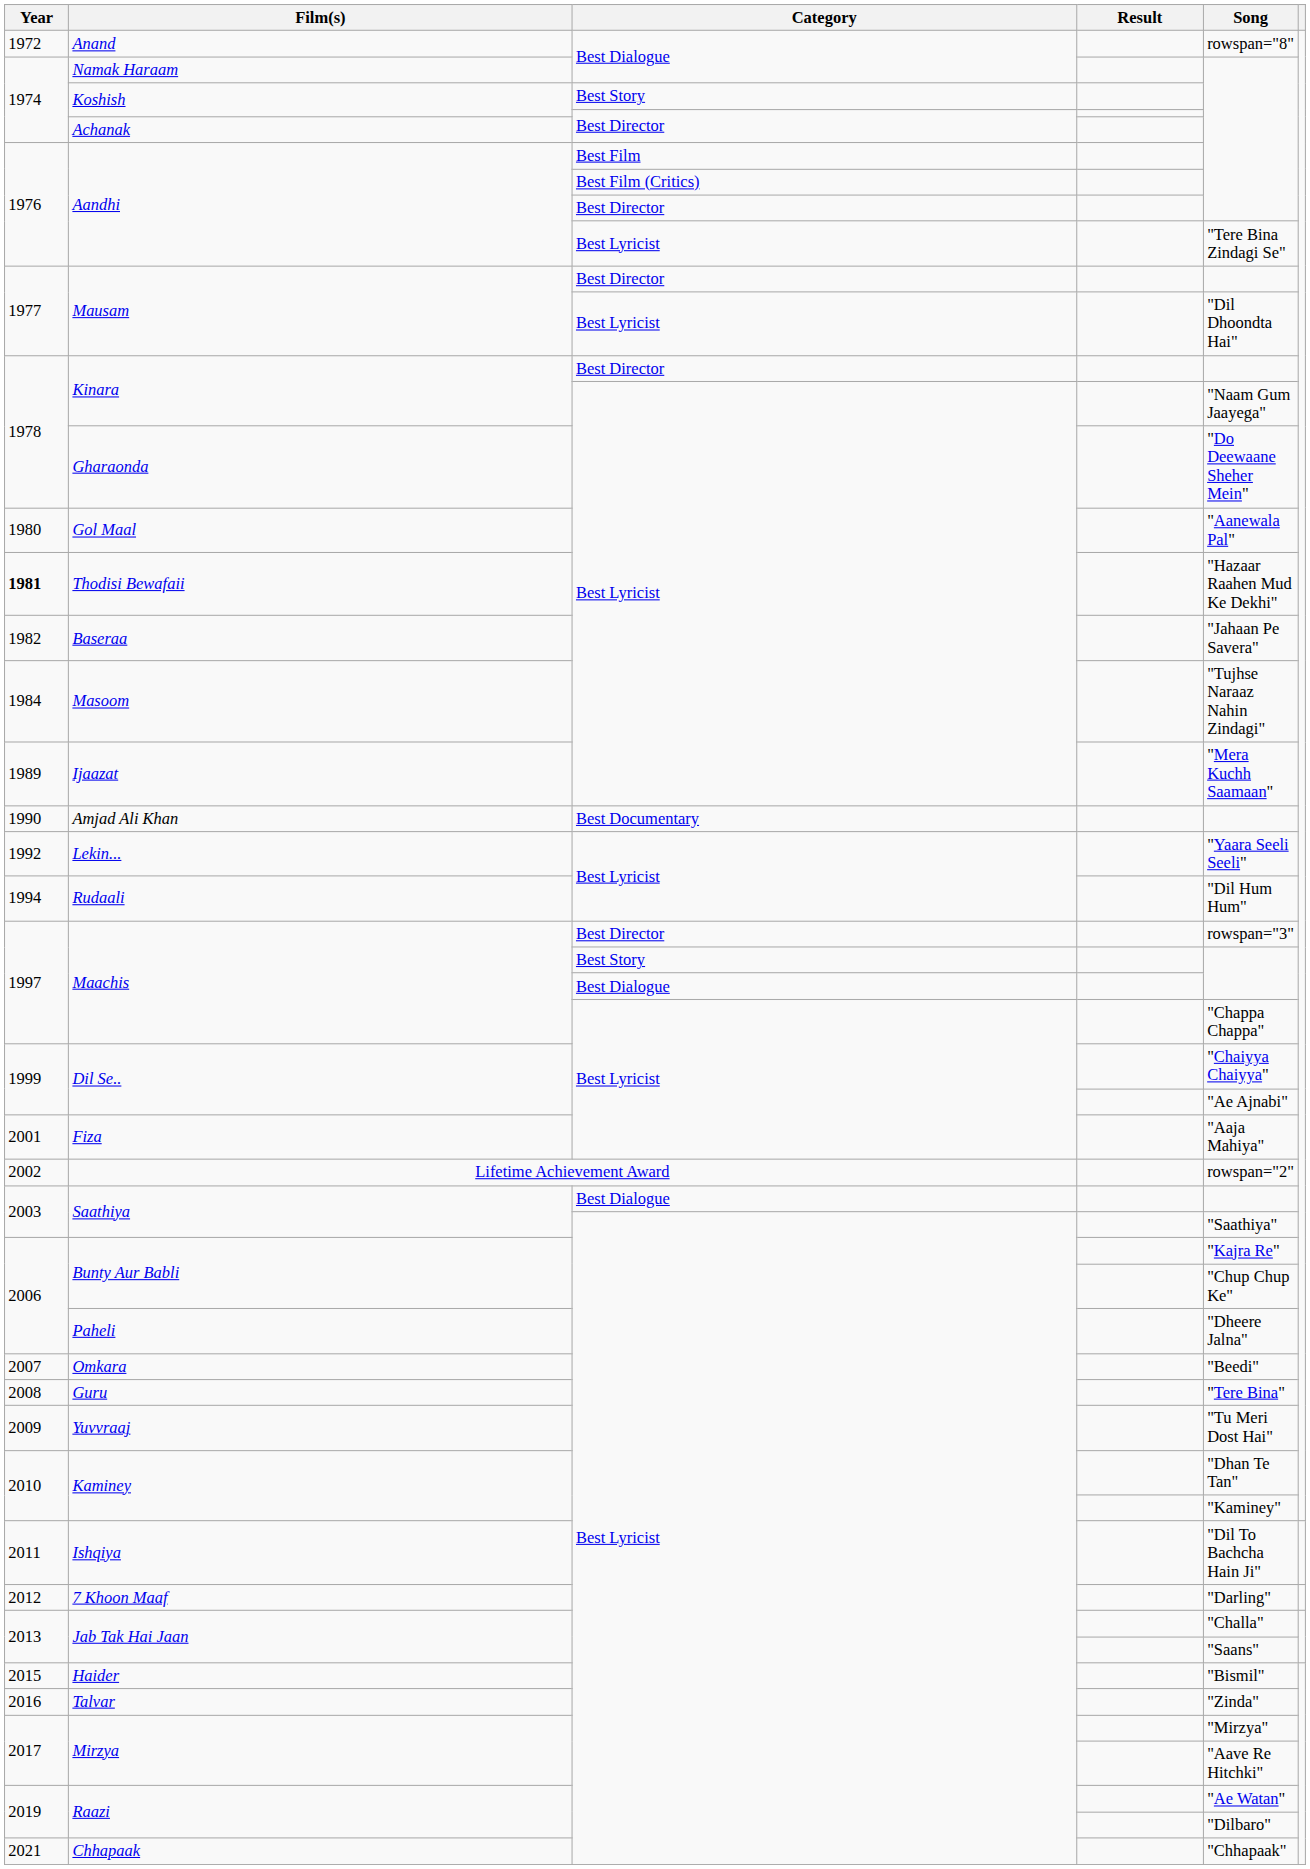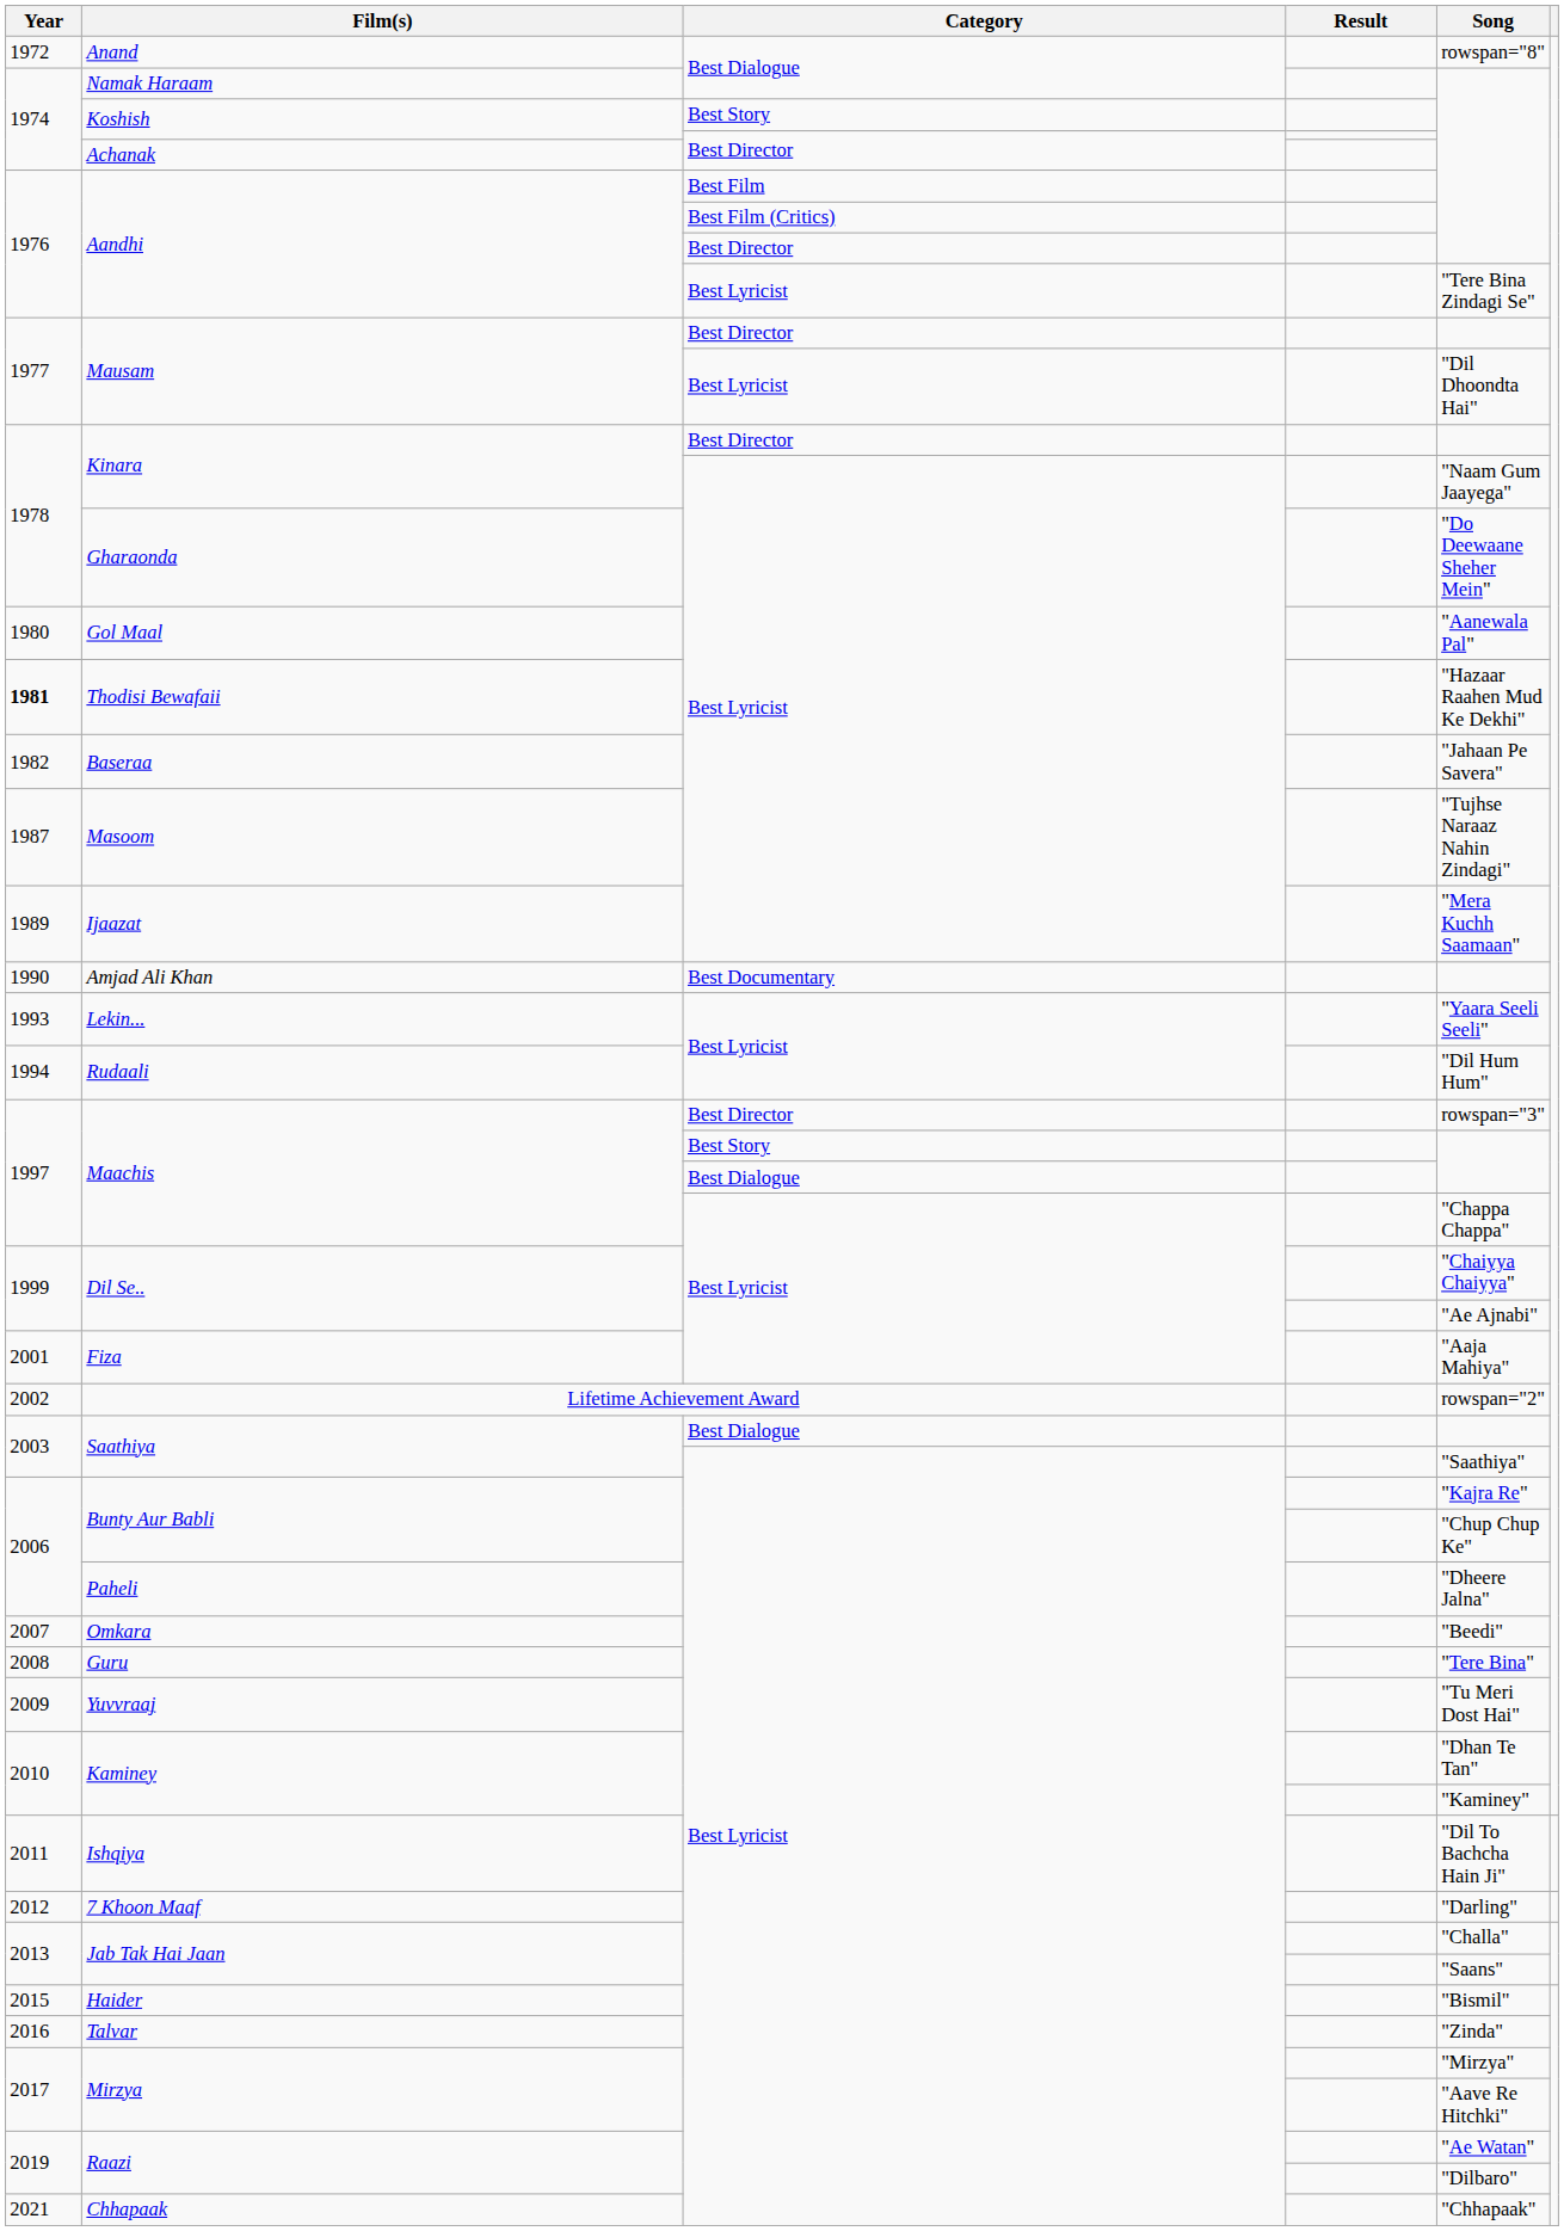 <table class="wikitable sortable" width=100%>
 <tr>
 <th width=5%>Year</th>
 <th width=40%>Film(s)</th>
 <th width=40%>Category</th>
 <th width=10%>Result</th>
 <th width=40%>Song</th>
 <th width=5%></th>
 </tr>
 <tr>
 <td>1972</td>
 <td><em><a href='#'>Anand</a></em></td>
 <td rowspan="2"><a href='#'>Best Dialogue</a></td>
 <td></td>
 <td>rowspan="8" </td>
 <td rowspan="40"></td>
 </tr>
 <tr>
 <td rowspan="4">1974</td>
 <td><em><a href='#'>Namak Haraam</a></em></td>
 <td></td>
 </tr>
 <tr>
 <td rowspan="2"><em><a href='#'>Koshish</a></em></td>
 <td><a href='#'>Best Story</a></td>
 <td></td>
 </tr>
 <tr>
 <td rowspan="2"><a href='#'>Best Director</a></td>
 <td></td>
 </tr>
 <tr>
 <td><em><a href='#'>Achanak</a></em></td>
 <td></td>
 </tr>
 <tr>
 <td rowspan="4">1976</td>
 <td rowspan="4"><em><a href='#'>Aandhi</a></em></td>
 <td><a href='#'>Best Film</a></td>
 <td></td>
 </tr>
 <tr>
 <td><a href='#'>Best Film (Critics)</a></td>
 <td></td>
 </tr>
 <tr>
 <td><a href='#'>Best Director</a></td>
 <td></td>
 </tr>
 <tr>
 <td><a href='#'>Best Lyricist</a></td>
 <td></td>
 <td>"Tere Bina Zindagi Se"</td>
 </tr>
 <tr>
 <td rowspan="2">1977</td>
 <td rowspan="2"><em><a href='#'>Mausam</a></em></td>
 <td><a href='#'>Best Director</a></td>
 <td></td>
 <td></td>
 </tr>
 <tr>
 <td><a href='#'>Best Lyricist</a></td>
 <td></td>
 <td>"Dil Dhoondta Hai"</td>
 </tr>
 <tr>
 <td rowspan="3">1978</td>
 <td rowspan="2"><em><a href='#'>Kinara</a></em></td>
 <td><a href='#'>Best Director</a></td>
 <td></td>
 <td></td>
 </tr>
 <tr>
 <td rowspan="7"><a href='#'>Best Lyricist</a></td>
 <td></td>
 <td>"Naam Gum Jaayega"</td>
 </tr>
 <tr>
 <td><em><a href='#'>Gharaonda</a></em></td>
 <td></td>
 <td>"<a href='#'>Do Deewaane Sheher Mein</a>"</td>
 </tr>
 <tr>
 <td>1980</td>
 <td><em><a href='#'>Gol Maal</a></em></td>
 <td></td>
 <td>"<a href='#'>Aanewala Pal</a>"</td>
 </tr>
 <tr>
 <td><strong>1981</strong></td>
 <td><em><a href='#'>Thodisi Bewafaii</a></em></td>
 <td></td>
 <td>"Hazaar Raahen Mud Ke Dekhi"</td>
 </tr>
 <tr>
 <td>1982</td>
 <td><em><a href='#'>Baseraa</a></em></td>
 <td></td>
 <td>"Jahaan Pe Savera"</td>
 </tr>
 <tr>
-<td>1984</td>
+<td>1987</td>
 <td><em><a href='#'>Masoom</a></em></td>
 <td></td>
 <td>"Tujhse Naraaz Nahin Zindagi"</td>
 </tr>
 <tr>
 <td>1989</td>
 <td><em><a href='#'>Ijaazat</a></em></td>
 <td></td>
 <td>"<a href='#'>Mera Kuchh Saamaan</a>"</td>
 </tr>
 <tr>
 <td>1990</td>
 <td><em>Amjad Ali Khan</em></td>
 <td><a href='#'>Best Documentary</a></td>
 <td></td>
 <td></td>
 </tr>
 <tr>
-<td>1992</td>
+<td>1993</td>
 <td><em><a href='#'>Lekin...</a></em></td>
 <td rowspan="2"><a href='#'>Best Lyricist</a></td>
 <td></td>
 <td>"<a href='#'>Yaara Seeli Seeli</a>"</td>
 </tr>
 <tr>
 <td>1994</td>
 <td><em><a href='#'>Rudaali</a></em></td>
 <td></td>
 <td>"Dil Hum Hum"</td>
 </tr>
 <tr>
 <td rowspan="4">1997</td>
 <td rowspan="4"><em><a href='#'>Maachis</a></em></td>
 <td><a href='#'>Best Director</a></td>
 <td></td>
 <td>rowspan="3" </td>
 </tr>
 <tr>
 <td><a href='#'>Best Story</a></td>
 <td></td>
 </tr>
 <tr>
 <td><a href='#'>Best Dialogue</a></td>
 <td></td>
 </tr>
 <tr>
 <td rowspan="4"><a href='#'>Best Lyricist</a></td>
 <td></td>
 <td>"Chappa Chappa"</td>
 </tr>
 <tr>
 <td rowspan="2">1999</td>
 <td rowspan="2"><em><a href='#'>Dil Se..</a></em></td>
 <td></td>
 <td>"<a href='#'>Chaiyya Chaiyya</a>"</td>
 </tr>
 <tr>
 <td></td>
 <td>"Ae Ajnabi"</td>
 </tr>
 <tr>
 <td>2001</td>
 <td><em><a href='#'>Fiza</a></em></td>
 <td></td>
 <td>"Aaja Mahiya"</td>
 </tr>
 <tr>
 <td>2002</td>
 <td colspan="2" align="center"><a href='#'>Lifetime Achievement Award</a></td>
 <td></td>
 <td>rowspan="2" </td>
 </tr>
 <tr>
 <td rowspan="2">2003</td>
 <td rowspan="2"><em><a href='#'>Saathiya</a></em></td>
 <td><a href='#'>Best Dialogue</a></td>
 <td></td>
 </tr>
 <tr>
 <td rowspan="20"><a href='#'>Best Lyricist</a></td>
 <td></td>
 <td>"Saathiya"</td>
 </tr>
 <tr>
 <td rowspan="3">2006</td>
 <td rowspan="2"><em><a href='#'>Bunty Aur Babli</a></em></td>
 <td></td>
 <td>"<a href='#'>Kajra Re</a>"</td>
 </tr>
 <tr>
 <td></td>
 <td>"Chup Chup Ke"</td>
 </tr>
 <tr>
 <td><em><a href='#'>Paheli</a></em></td>
 <td></td>
 <td>"Dheere Jalna"</td>
 </tr>
 <tr>
 <td>2007</td>
 <td><em><a href='#'>Omkara</a></em></td>
 <td></td>
 <td>"Beedi"</td>
 </tr>
 <tr>
 <td>2008</td>
 <td><em><a href='#'>Guru</a></em></td>
 <td></td>
 <td>"<a href='#'>Tere Bina</a>"</td>
 </tr>
 <tr>
 <td>2009</td>
 <td><em><a href='#'>Yuvvraaj</a></em></td>
 <td></td>
 <td>"Tu Meri Dost Hai"</td>
 </tr>
 <tr>
 <td rowspan="2">2010</td>
 <td rowspan="2"><em><a href='#'>Kaminey</a></em></td>
 <td></td>
 <td>"Dhan Te Tan"</td>
 </tr>
 <tr>
 <td></td>
 <td>"Kaminey"</td>
 </tr>
 <tr>
 <td>2011</td>
 <td><em><a href='#'>Ishqiya</a></em></td>
 <td></td>
 <td>"Dil To Bachcha Hain Ji"</td>
 <td></td>
 </tr>
 <tr>
 <td>2012</td>
 <td><em><a href='#'>7 Khoon Maaf</a></em></td>
 <td></td>
 <td>"Darling"</td>
 <td></td>
 </tr>
 <tr>
 <td rowspan="2">2013</td>
 <td rowspan="2"><em><a href='#'>Jab Tak Hai Jaan</a></em></td>
 <td></td>
 <td>"Challa"</td>
 <td rowspan="2"></td>
 </tr>
 <tr>
 <td></td>
 <td>"Saans"</td>
 </tr>
 <tr>
 <td>2015</td>
 <td><em><a href='#'>Haider</a></em></td>
 <td></td>
 <td>"Bismil"</td>
 <td rowspan="7"></td>
 </tr>
 <tr>
 <td>2016</td>
 <td><em><a href='#'>Talvar</a></em></td>
 <td></td>
 <td>"Zinda"</td>
 </tr>
 <tr>
 <td rowspan="2">2017</td>
 <td rowspan="2"><em><a href='#'>Mirzya</a></em></td>
 <td></td>
 <td>"Mirzya"</td>
 </tr>
 <tr>
 <td></td>
 <td>"Aave Re Hitchki"</td>
 </tr>
 <tr>
 <td rowspan="2">2019</td>
 <td rowspan="2"><em><a href='#'>Raazi</a></em></td>
 <td></td>
 <td>"<a href='#'>Ae Watan</a>"</td>
 </tr>
 <tr>
 <td></td>
 <td>"Dilbaro"</td>
 </tr>
 <tr>
 <td>2021</td>
 <td><em><a href='#'>Chhapaak</a></em></td>
 <td></td>
 <td>"Chhapaak"</td>
 </tr>
 <tr>
 </tr>
 </table>
